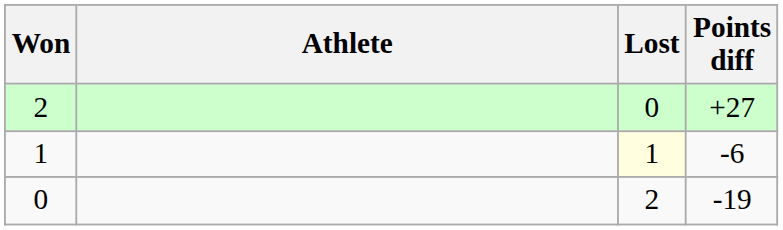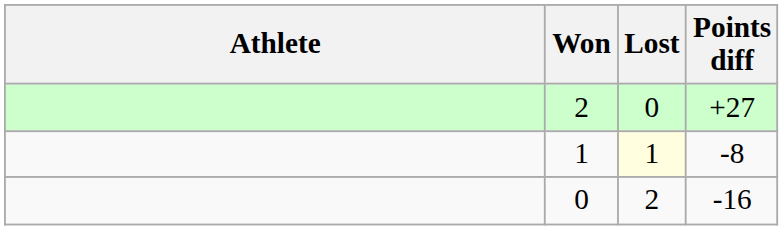 <table class="wikitable">
 <tr>
+<th style="width:18em">Athlete</th>
 <th>Won</th>
-<th style="width:18em">Athlete</th>
 <th>Lost</th>
 <th>Points<br>diff</th>
 </tr>
 <tr bgcolor="#ccffcc">
+<td></td>
 <td align="center">2</td>
-<td></td>
 <td align="center">0</td>
 <td align="center">+27</td>
 </tr>
 <tr>
+<td></td>
 <td align="center">1</td>
-<td></td>
 <td align="center" style="background: lightyellow;">1</td>
-<td align="center">-6</td>
+<td align="center">-8</td>
 </tr>
 <tr>
+<td></td>
 <td align="center">0</td>
-<td></td>
 <td align="center">2</td>
-<td align="center">-19</td>
+<td align="center">-16</td>
 </tr>
 </table>
